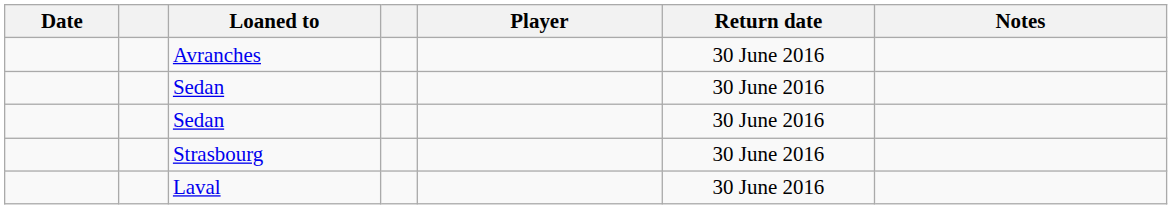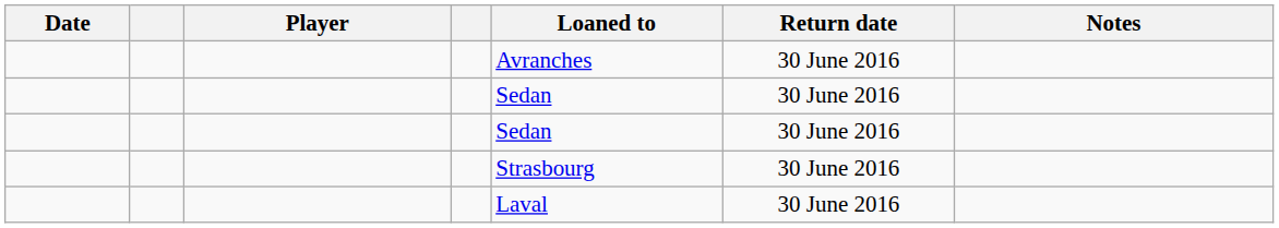 <table class="wikitable sortable">
 <tr>
 <th style="width:80px;">Date</th>
 <th style="width:30px;"></th>
+<th style="width:180px;">Player</th>
+<th style="width:20px;"></th>
 <th style="width:155px;">Loaned to</th>
-<th style="width:20px;"></th>
-<th style="width:180px;">Player</th>
 <th style="width:155px;" class="unsortable">Return date</th>
 <th style="width:215px;" class="unsortable">Notes</th>
 </tr>
 <tr>
 <td></td>
 <td align=center></td>
+<td> </td>
+<td></td>
 <td> <a href='#'>Avranches</a></td>
-<td></td>
-<td> </td>
 <td align=center>30 June 2016</td>
 <td align=center></td>
 </tr>
 <tr>
 <td></td>
 <td align=center></td>
+<td> </td>
+<td></td>
 <td> <a href='#'>Sedan</a></td>
-<td></td>
-<td> </td>
 <td align=center>30 June 2016</td>
 <td align=center></td>
 </tr>
 <tr>
 <td></td>
 <td align=center></td>
+<td> </td>
+<td></td>
 <td> <a href='#'>Sedan</a></td>
-<td></td>
-<td> </td>
 <td align=center>30 June 2016</td>
 <td align=center></td>
 </tr>
 <tr>
 <td></td>
 <td align=center></td>
+<td> </td>
+<td></td>
 <td> <a href='#'>Strasbourg</a></td>
-<td></td>
-<td> </td>
 <td align=center>30 June 2016</td>
 <td align=center></td>
 </tr>
 <tr>
 <td></td>
 <td align=center></td>
+<td> </td>
+<td></td>
 <td> <a href='#'>Laval</a></td>
-<td></td>
-<td> </td>
 <td align=center>30 June 2016</td>
 <td align=center></td>
 </tr>
 </table>
